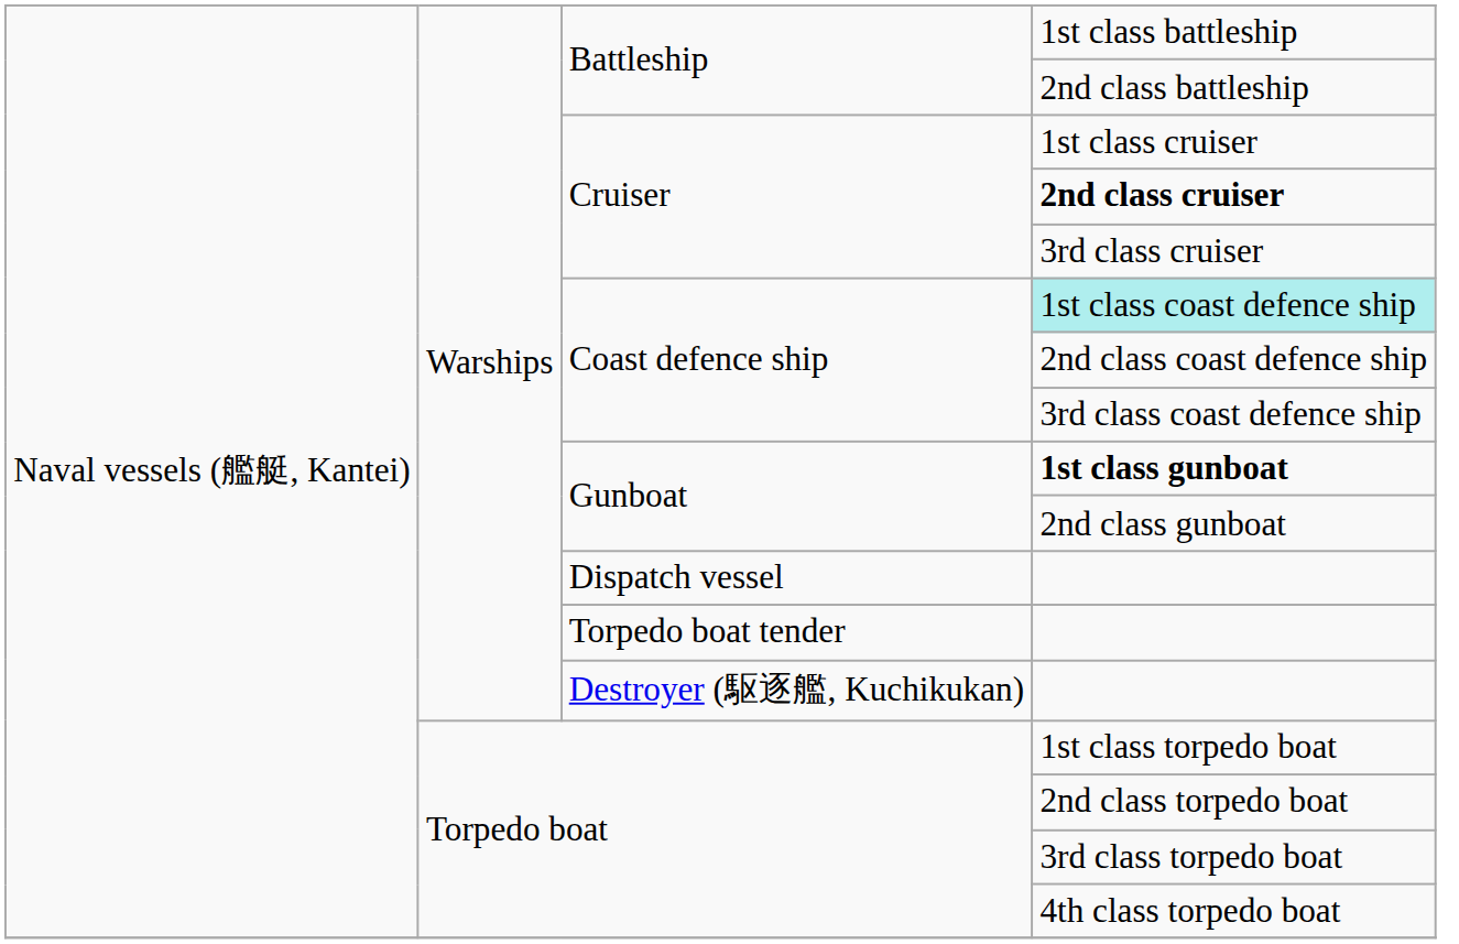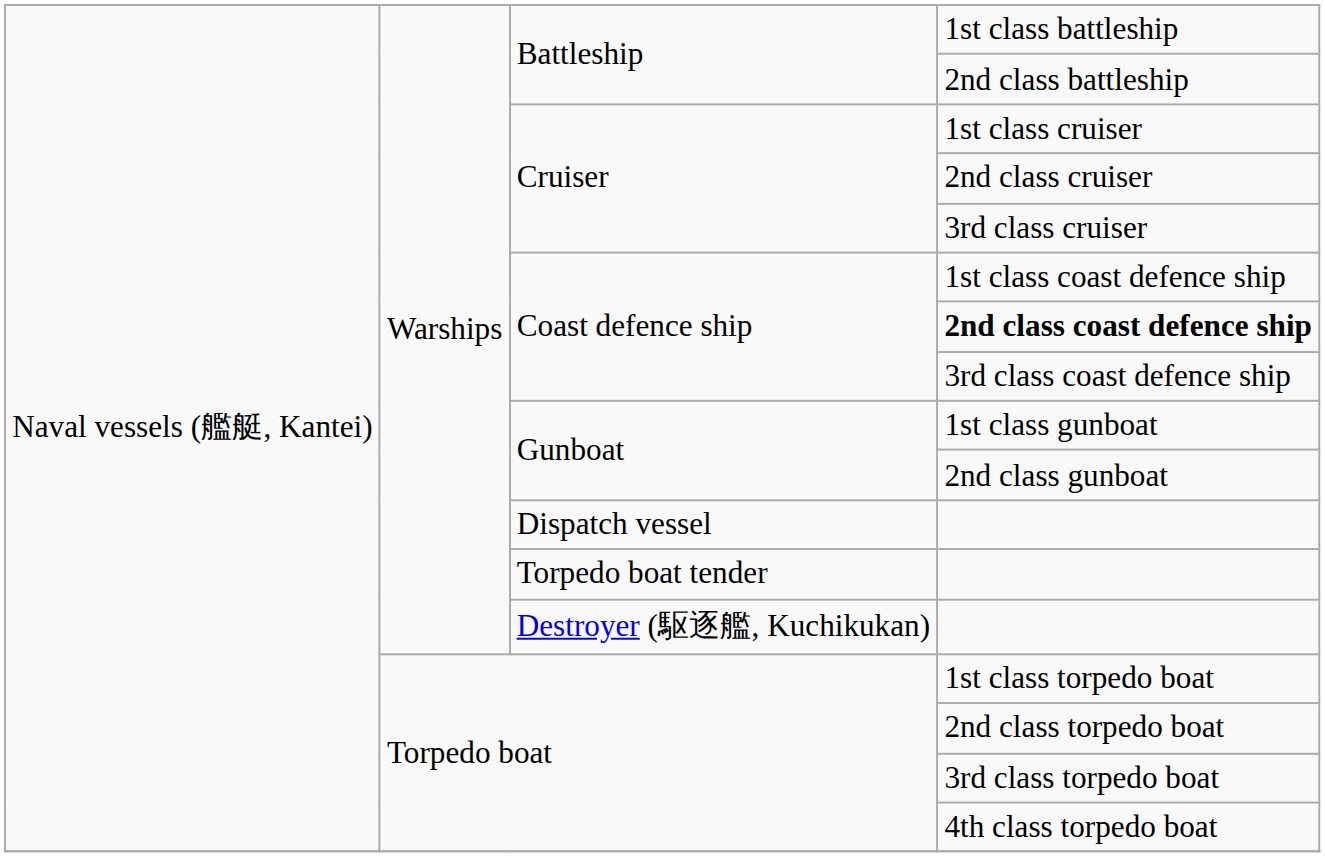 <table class="wikitable">
 <tr>
 <td rowspan="17">Naval vessels (艦艇, Kantei)</td>
 <td rowspan="13">Warships</td>
 <td rowspan="2">Battleship</td>
 <td>1st class battleship</td>
 </tr>
 <tr>
 <td>2nd class battleship</td>
 </tr>
 <tr>
 <td rowspan="3">Cruiser</td>
 <td>1st class cruiser</td>
 </tr>
 <tr>
-<td><strong>2nd class cruiser</strong></td>
+<td>2nd class cruiser</td>
 </tr>
 <tr>
 <td>3rd class cruiser</td>
 </tr>
 <tr>
 <td rowspan="3">Coast defence ship</td>
-<td style="background: paleturquoise;">1st class coast defence ship</td>
+<td>1st class coast defence ship</td>
 </tr>
 <tr>
-<td>2nd class coast defence ship</td>
+<td><strong>2nd class coast defence ship</strong></td>
 </tr>
 <tr>
 <td>3rd class coast defence ship</td>
 </tr>
 <tr>
 <td rowspan="2">Gunboat</td>
-<td><strong>1st class gunboat</strong></td>
+<td>1st class gunboat</td>
 </tr>
 <tr>
 <td>2nd class gunboat</td>
 </tr>
 <tr>
 <td>Dispatch vessel</td>
 <td></td>
 </tr>
 <tr>
 <td>Torpedo boat tender</td>
 <td></td>
 </tr>
 <tr>
 <td><a href='#'>Destroyer</a> (駆逐艦, Kuchikukan)</td>
 <td></td>
 </tr>
 <tr>
 <td colspan="2" rowspan="4">Torpedo boat</td>
 <td>1st class torpedo boat</td>
 </tr>
 <tr>
 <td>2nd class torpedo boat</td>
 </tr>
 <tr>
 <td>3rd class torpedo boat</td>
 </tr>
 <tr>
 <td>4th class torpedo boat</td>
 </tr>
 <tr>
 </tr>
 </table>
